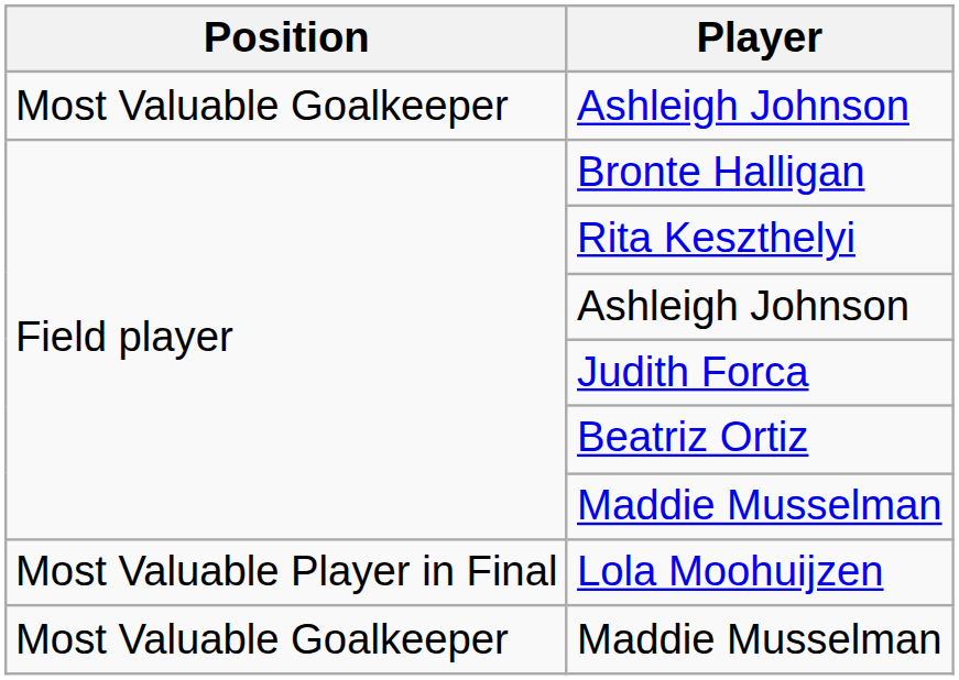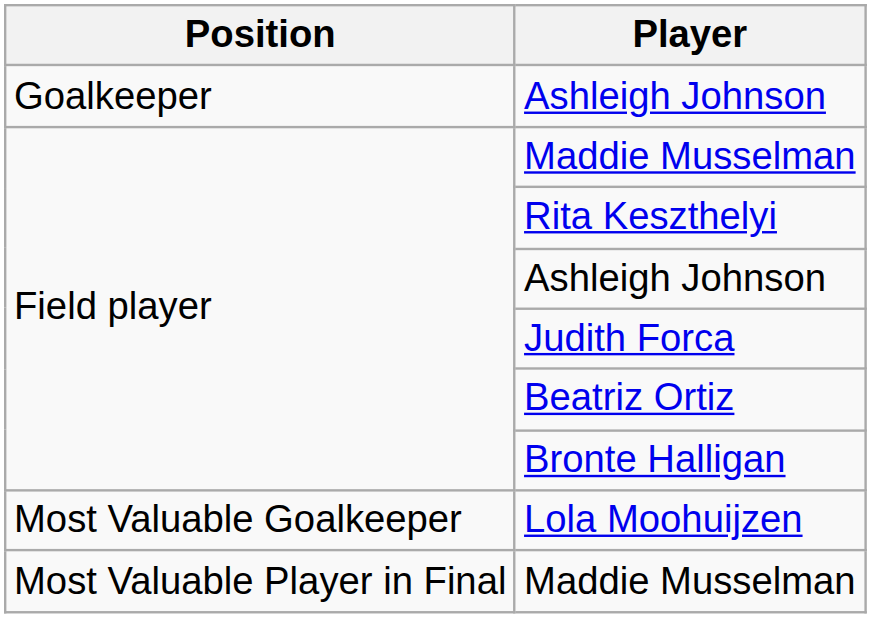 <table class="wikitable">
 <tr>
 <th>Position</th>
 <th>Player</th>
 </tr>
 <tr>
-<td>Most Valuable Goalkeeper</td>
+<td>Goalkeeper</td>
 <td> <a href='#'>Ashleigh Johnson</a></td>
 </tr>
 <tr>
 <td rowspan=6>Field player</td>
-<td> <a href='#'>Bronte Halligan</a></td>
+<td> <a href='#'>Maddie Musselman</a></td>
 </tr>
 <tr>
 <td> <a href='#'>Rita Keszthelyi</a></td>
 </tr>
 <tr>
 <td> Ashleigh Johnson</td>
 </tr>
 <tr>
 <td> <a href='#'>Judith Forca</a></td>
 </tr>
 <tr>
 <td> <a href='#'>Beatriz Ortiz</a></td>
 </tr>
 <tr>
-<td> <a href='#'>Maddie Musselman</a></td>
+<td> <a href='#'>Bronte Halligan</a></td>
+</tr>
+<tr>
+<td>Most Valuable Goalkeeper</td>
+<td> <a href='#'>Lola Moohuijzen</a></td>
 </tr>
 <tr>
 <td>Most Valuable Player in Final</td>
-<td> <a href='#'>Lola Moohuijzen</a></td>
-</tr>
-<tr>
-<td>Most Valuable Goalkeeper</td>
 <td> Maddie Musselman</td>
 </tr>
 </table>
